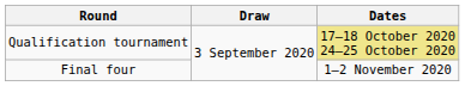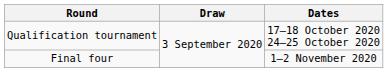 <table class="wikitable" style="text-align:center;">
 <tr>
 <th>Round</th>
 <th>Draw</th>
 <th>Dates</th>
 </tr>
 <tr>
 <td>Qualification tournament</td>
 <td rowspan=2>3 September 2020</td>
-<td style="background: khaki;">17–18 October 2020<br>24–25 October 2020</td>
+<td>17–18 October 2020<br>24–25 October 2020</td>
 </tr>
 <tr>
 <td>Final four</td>
 <td>1–2 November 2020</td>
 </tr>
 </table>
